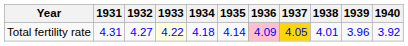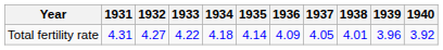 <table class="wikitable " style="text-align:right">
 <tr>
 <th>Year</th>
 <th>1931</th>
 <th>1932</th>
 <th>1933</th>
 <th>1934</th>
 <th>1935</th>
 <th>1936</th>
 <th>1937</th>
 <th>1938</th>
 <th>1939</th>
 <th>1940</th>
 </tr>
 <tr>
 <td align="left">Total fertility rate</td>
 <td style="text-align:right; color:blue;">4.31</td>
 <td style="text-align:right; color:blue;">4.27</td>
-<td style="background: lightyellow; text-align:right; color:blue;">4.22</td>
+<td style="text-align:right; color:blue;">4.22</td>
 <td style="text-align:right; color:blue;">4.18</td>
 <td style="text-align:right; color:blue;">4.14</td>
-<td style="background: pink; text-align:right; color:blue;">4.09</td>
-<td style="background: gold; text-align:right; color:blue;">4.05</td>
+<td style="text-align:right; color:blue;">4.09</td>
+<td style="text-align:right; color:blue;">4.05</td>
 <td style="text-align:right; color:blue;">4.01</td>
 <td style="text-align:right; color:blue;">3.96</td>
 <td style="text-align:right; color:blue;">3.92</td>
 </tr>
 </table>
